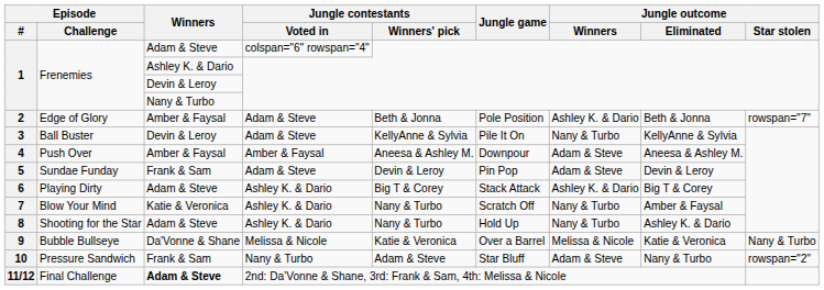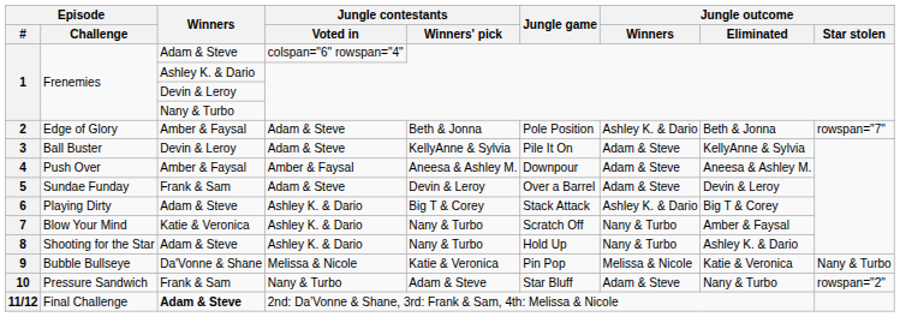 <table class="wikitable" style="font-size:90%; white-space:nowrap">
 <tr>
 <th colspan=2>Episode</th>
 <th rowspan="2">Winners</th>
 <th colspan="2">Jungle contestants</th>
 <th rowspan=2>Jungle game</th>
 <th colspan="3">Jungle outcome</th>
 </tr>
 <tr>
 <th>#</th>
 <th>Challenge</th>
 <th>Voted in</th>
 <th>Winners' pick</th>
 <th>Winners</th>
 <th>Eliminated</th>
 <th>Star stolen</th>
 </tr>
 <tr>
 <th rowspan="4">1</th>
 <td rowspan="4">Frenemies</td>
 <td>Adam & Steve</td>
 <td>colspan="6" rowspan="4" </td>
 </tr>
 <tr>
 <td>Ashley K. & Dario</td>
 </tr>
 <tr>
 <td>Devin & Leroy</td>
 </tr>
 <tr>
 <td>Nany & Turbo</td>
 </tr>
 <tr>
 <th>2</th>
 <td>Edge of Glory</td>
 <td>Amber & Faysal</td>
 <td>Adam & Steve</td>
 <td>Beth & Jonna</td>
 <td>Pole Position</td>
 <td>Ashley K. & Dario</td>
 <td>Beth & Jonna</td>
 <td>rowspan="7" </td>
 </tr>
 <tr>
 <th>3</th>
 <td>Ball Buster</td>
 <td>Devin & Leroy</td>
 <td>Adam & Steve</td>
 <td>KellyAnne & Sylvia</td>
 <td>Pile It On</td>
-<td>Nany & Turbo</td>
+<td>Adam & Steve</td>
 <td>KellyAnne & Sylvia</td>
 </tr>
 <tr>
 <th>4</th>
 <td>Push Over</td>
 <td>Amber & Faysal</td>
 <td>Amber & Faysal</td>
 <td>Aneesa & Ashley M.</td>
 <td>Downpour</td>
 <td>Adam & Steve</td>
 <td>Aneesa & Ashley M.</td>
 </tr>
 <tr>
 <th>5</th>
 <td>Sundae Funday</td>
 <td>Frank & Sam</td>
 <td>Adam & Steve</td>
 <td>Devin & Leroy</td>
-<td>Pin Pop</td>
+<td>Over a Barrel</td>
 <td>Adam & Steve</td>
 <td>Devin & Leroy</td>
 </tr>
 <tr>
 <th>6</th>
 <td>Playing Dirty</td>
 <td>Adam & Steve</td>
 <td>Ashley K. & Dario</td>
 <td>Big T & Corey</td>
 <td>Stack Attack</td>
 <td>Ashley K. & Dario</td>
 <td>Big T & Corey</td>
 </tr>
 <tr>
 <th>7</th>
 <td>Blow Your Mind</td>
 <td>Katie & Veronica</td>
 <td>Ashley K. & Dario</td>
 <td>Nany & Turbo</td>
 <td>Scratch Off</td>
 <td>Nany & Turbo</td>
 <td>Amber & Faysal</td>
 </tr>
 <tr>
 <th>8</th>
 <td>Shooting for the Star</td>
 <td>Adam & Steve</td>
 <td>Ashley K. & Dario</td>
 <td>Nany & Turbo</td>
 <td>Hold Up</td>
 <td>Nany & Turbo</td>
 <td>Ashley K. & Dario</td>
 </tr>
 <tr>
 <th>9</th>
 <td>Bubble Bullseye</td>
 <td>Da'Vonne & Shane</td>
 <td>Melissa & Nicole</td>
 <td>Katie & Veronica</td>
-<td>Over a Barrel</td>
+<td>Pin Pop</td>
 <td>Melissa & Nicole</td>
 <td>Katie & Veronica</td>
 <td>Nany & Turbo</td>
 </tr>
 <tr>
 <th>10</th>
 <td>Pressure Sandwich</td>
 <td>Frank & Sam</td>
 <td>Nany & Turbo</td>
 <td>Adam & Steve</td>
 <td>Star Bluff</td>
 <td>Adam & Steve</td>
 <td>Nany & Turbo</td>
 <td>rowspan="2" </td>
 </tr>
 <tr>
 <th>11/12</th>
 <td>Final Challenge</td>
 <td><strong>Adam & Steve</strong></td>
 <td colspan="5">2nd: Da’Vonne & Shane, 3rd: Frank & Sam, 4th: Melissa & Nicole</td>
 </tr>
 </table>
